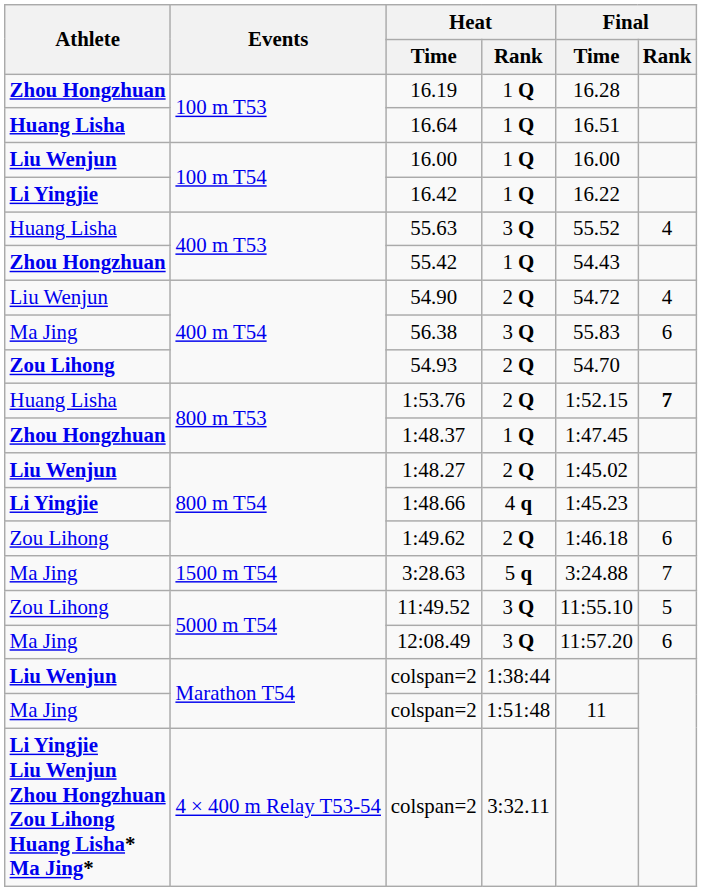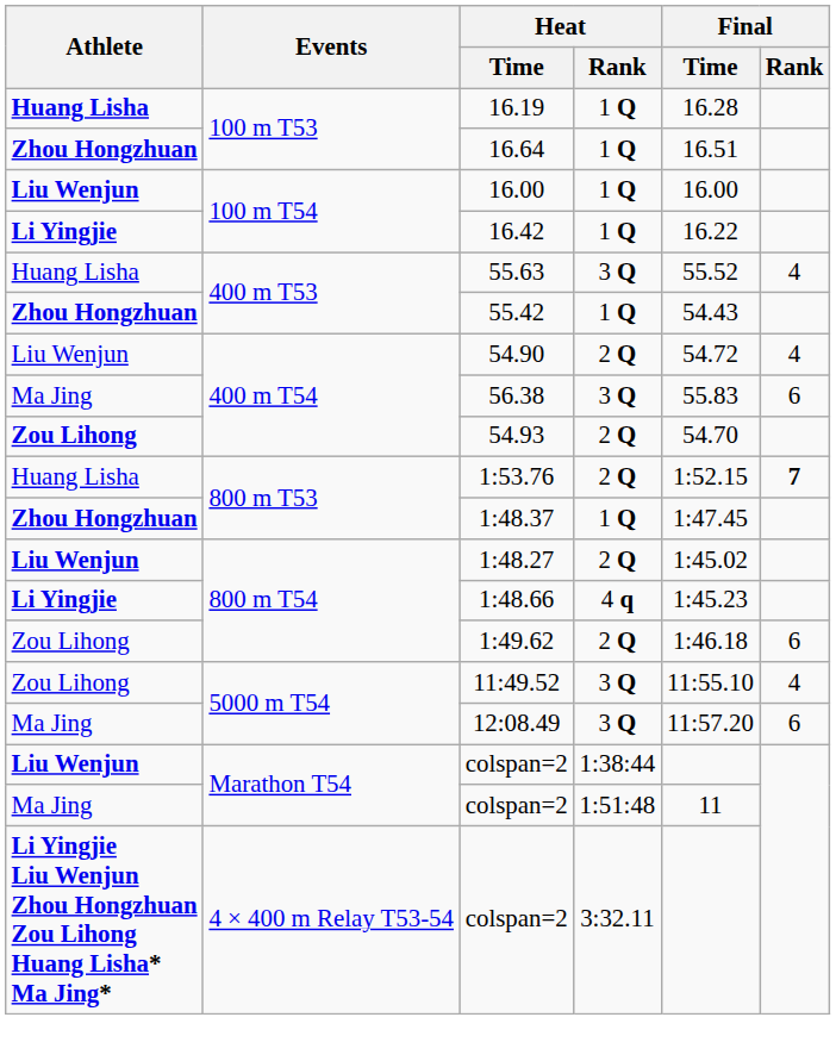 <table class=wikitable style="text-align: center; font-size:90%">
 <tr>
 <th rowspan="2">Athlete</th>
 <th rowspan="2">Events</th>
 <th colspan="2">Heat</th>
 <th colspan="2">Final</th>
 </tr>
 <tr>
 <th>Time</th>
 <th>Rank</th>
 <th>Time</th>
 <th>Rank</th>
 </tr>
 <tr>
-<td align=left><strong><a href='#'>Zhou Hongzhuan</a></strong></td>
+<td align=left><strong><a href='#'>Huang Lisha</a></strong></td>
 <td align=left rowspan=2><a href='#'>100 m T53</a></td>
 <td>16.19 </td>
 <td>1 <strong>Q</strong></td>
 <td>16.28</td>
 <td></td>
 </tr>
 <tr>
-<td align=left><strong><a href='#'>Huang Lisha</a></strong></td>
+<td align=left><strong><a href='#'>Zhou Hongzhuan</a></strong></td>
 <td>16.64</td>
 <td>1 <strong>Q</strong></td>
 <td>16.51</td>
 <td></td>
 </tr>
 <tr>
 <td align=left><strong><a href='#'>Liu Wenjun</a></strong></td>
 <td align=left rowspan=2><a href='#'>100 m T54</a></td>
 <td>16.00</td>
 <td>1 <strong>Q</strong></td>
 <td>16.00</td>
 <td></td>
 </tr>
 <tr>
 <td align=left><strong><a href='#'>Li Yingjie</a></strong></td>
 <td>16.42</td>
 <td>1 <strong>Q</strong></td>
 <td>16.22</td>
 <td></td>
 </tr>
 <tr>
 <td align=left><a href='#'>Huang Lisha</a></td>
 <td align=left rowspan=2><a href='#'>400 m T53</a></td>
 <td>55.63</td>
 <td>3 <strong>Q</strong></td>
 <td>55.52</td>
 <td>4</td>
 </tr>
 <tr>
 <td align=left><strong><a href='#'>Zhou Hongzhuan</a></strong></td>
 <td>55.42</td>
 <td>1 <strong>Q</strong></td>
 <td>54.43 </td>
 <td></td>
 </tr>
 <tr>
 <td align=left><a href='#'>Liu Wenjun</a></td>
 <td align=left rowspan=3><a href='#'>400 m T54</a></td>
 <td>54.90</td>
 <td>2 <strong>Q</strong></td>
 <td>54.72</td>
 <td>4</td>
 </tr>
 <tr>
 <td align=left><a href='#'>Ma Jing</a></td>
 <td>56.38</td>
 <td>3 <strong>Q</strong></td>
 <td>55.83</td>
 <td>6</td>
 </tr>
 <tr>
 <td align=left><strong><a href='#'>Zou Lihong</a></strong></td>
 <td>54.93</td>
 <td>2 <strong>Q</strong></td>
 <td>54.70</td>
 <td></td>
 </tr>
 <tr>
 <td align=left><a href='#'>Huang Lisha</a></td>
 <td align=left rowspan=2><a href='#'>800 m T53</a></td>
 <td>1:53.76</td>
 <td>2 <strong>Q</strong></td>
 <td>1:52.15</td>
 <td><strong>7</strong></td>
 </tr>
 <tr>
 <td align=left><strong><a href='#'>Zhou Hongzhuan</a></strong></td>
 <td>1:48.37</td>
 <td>1 <strong>Q</strong></td>
 <td>1:47.45 </td>
 <td></td>
 </tr>
 <tr>
 <td align=left><strong><a href='#'>Liu Wenjun</a></strong></td>
 <td align=left rowspan=3><a href='#'>800 m T54</a></td>
 <td>1:48.27</td>
 <td>2 <strong>Q</strong></td>
 <td>1:45.02</td>
 <td></td>
 </tr>
 <tr>
 <td align=left><strong><a href='#'>Li Yingjie</a></strong></td>
 <td>1:48.66</td>
 <td>4 <strong>q</strong></td>
 <td>1:45.23</td>
 <td></td>
 </tr>
 <tr>
 <td align=left><a href='#'>Zou Lihong</a></td>
 <td>1:49.62</td>
 <td>2 <strong>Q</strong></td>
 <td>1:46.18</td>
 <td>6</td>
 </tr>
 <tr>
-<td align=left><a href='#'>Ma Jing</a></td>
-<td align=left><a href='#'>1500 m T54</a></td>
-<td>3:28.63</td>
-<td>5 <strong>q</strong></td>
-<td>3:24.88</td>
-<td>7</td>
-</tr>
-<tr>
 <td align=left><a href='#'>Zou Lihong</a></td>
 <td align=left rowspan=2><a href='#'>5000 m T54</a></td>
 <td>11:49.52</td>
 <td>3 <strong>Q</strong></td>
 <td>11:55.10</td>
-<td>5</td>
+<td>4</td>
 </tr>
 <tr>
 <td align=left><a href='#'>Ma Jing</a></td>
 <td>12:08.49</td>
 <td>3 <strong>Q</strong></td>
 <td>11:57.20</td>
 <td>6</td>
 </tr>
 <tr>
 <td align=left><strong><a href='#'>Liu Wenjun</a></strong></td>
 <td align=left rowspan=2><a href='#'>Marathon T54</a></td>
 <td>colspan=2 </td>
 <td>1:38:44</td>
 <td></td>
 </tr>
 <tr>
 <td align=left><a href='#'>Ma Jing</a></td>
 <td>colspan=2 </td>
 <td>1:51:48</td>
 <td>11</td>
 </tr>
 <tr>
 <td align=left><strong><a href='#'>Li Yingjie</a><br><a href='#'>Liu Wenjun</a><br><a href='#'>Zhou Hongzhuan</a><br><a href='#'>Zou Lihong</a><br><a href='#'>Huang Lisha</a>*<br><a href='#'>Ma Jing</a>*</strong></td>
 <td align=left><a href='#'>4 × 400 m Relay T53-54</a></td>
 <td>colspan=2 </td>
 <td>3:32.11 </td>
 <td></td>
 </tr>
 </table>
